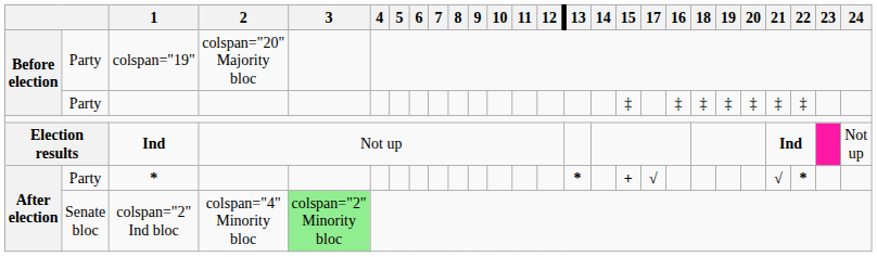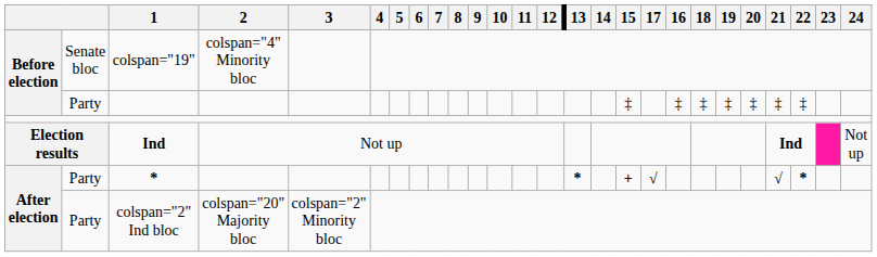 <table class="wikitable" style="text-align:center; font-size:95%">
 <tr>
 <th colspan=2></th>
 <th width="25px">1</th>
 <th width="25px">2</th>
 <th width="25px">3</th>
 <th width="25px">4</th>
 <th width="25px">5</th>
 <th width="25px">6</th>
 <th width="25px">7</th>
 <th width="25px">8</th>
 <th width="25px">9</th>
 <th width="25px">10</th>
 <th width="25px">11</th>
 <th width="25px">12</th>
 <th width="25px" style="border-left:5px solid black;">13</th>
 <th width="25px">14</th>
 <th width="25px">15</th>
 <th width="25px">17</th>
 <th width="25px">16</th>
 <th width="25px">18</th>
 <th width="25px">19</th>
 <th width="25px">20</th>
 <th width="25px">21</th>
 <th width="25px">22</th>
 <th width="25px">23</th>
 <th width="25px">24</th>
 </tr>
 <tr>
 <th rowspan=2>Before<br>election</th>
-<td>Party</td>
+<td>Senate bloc</td>
 <td>colspan="19"  </td>
-<td>colspan="20"  Majority bloc</td>
+<td>colspan="4"  Minority bloc</td>
 <td> </td>
 </tr>
 <tr>
 <td>Party</td>
 <td></td>
 <td></td>
 <td></td>
 <td></td>
 <td></td>
 <td></td>
 <td></td>
 <td></td>
 <td></td>
 <td></td>
 <td></td>
 <td></td>
 <td></td>
 <td></td>
 <td>‡</td>
 <td></td>
 <td>‡</td>
 <td>‡</td>
 <td>‡</td>
 <td>‡</td>
 <td>‡</td>
 <td>‡</td>
 <td></td>
 <td></td>
 </tr>
 <tr>
 <td colspan="26"></td>
 </tr>
 <tr>
 <th colspan="2">Election results</th>
 <td><strong>Ind</strong></td>
 <td colspan="11">Not up</td>
 <td><strong><a href='#'></a></strong></td>
 <td colspan="4"><strong><a href='#'></a></strong></td>
 <td colspan="3"><strong><a href='#'></a></strong></td>
 <td colspan="2"><strong>Ind</strong></td>
 <td bgcolor="#FE18A3"><strong><a href='#'></a></strong></td>
 <td>Not up</td>
 </tr>
 <tr>
 <th rowspan="2">After<br>election</th>
 <td>Party</td>
 <td><strong>*</strong></td>
 <td></td>
 <td></td>
 <td></td>
 <td></td>
 <td></td>
 <td></td>
 <td></td>
 <td></td>
 <td></td>
 <td></td>
 <td><br></td>
 <td><strong>*</strong></td>
 <td><strong></strong></td>
 <td><strong>+</strong></td>
 <td><strong>√</strong></td>
 <td><strong></strong></td>
 <td><strong></strong></td>
 <td><strong></strong></td>
 <td><strong></strong></td>
 <td><strong>√</strong></td>
 <td><strong>*</strong></td>
 <td><strong></strong></td>
 <td></td>
 </tr>
 <tr>
-<td>Senate bloc</td>
+<td>Party</td>
 <td>colspan="2"  Ind bloc</td>
-<td>colspan="4"  Minority bloc</td>
-<td style="background: lightgreen;">colspan="2"  Minority bloc</td>
+<td>colspan="20"  Majority bloc</td>
+<td>colspan="2"  Minority bloc</td>
 </tr>
 </table>
